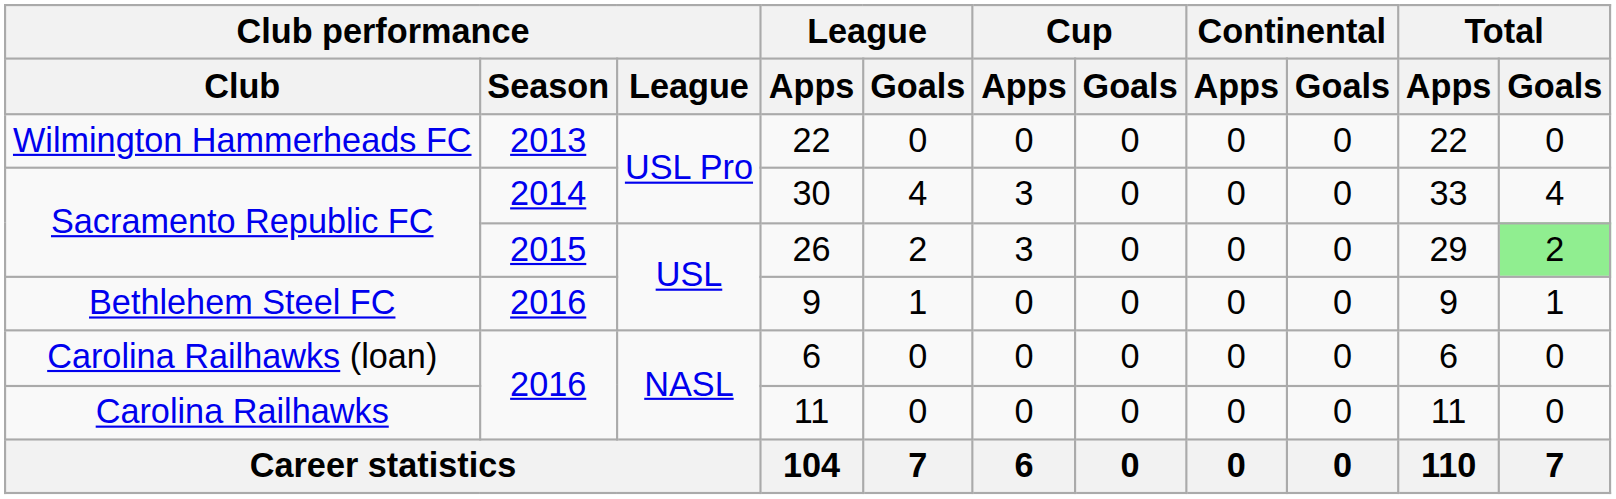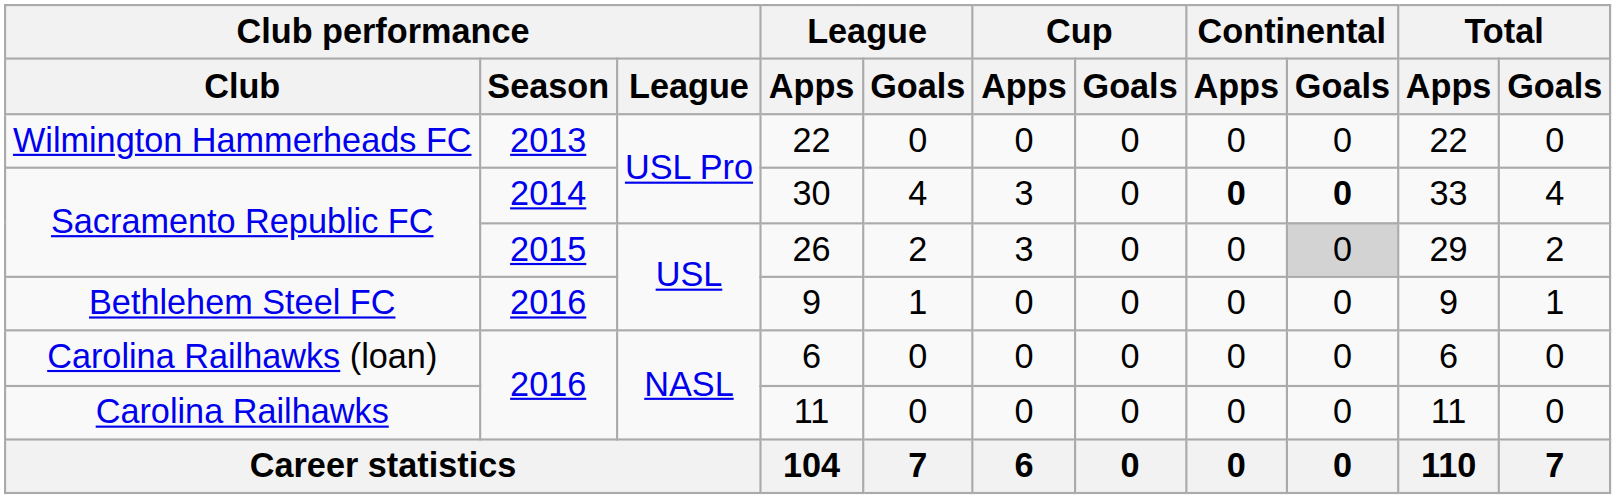 <table class="wikitable" style="font-size:100%; text-align: center">
 <tr>
 <th Colspan="3">Club performance</th>
 <th Colspan="2">League</th>
 <th Colspan="2">Cup</th>
 <th Colspan="2">Continental</th>
 <th Colspan="2">Total</th>
 </tr>
 <tr>
 <th>Club</th>
 <th>Season</th>
 <th>League</th>
 <th>Apps</th>
 <th>Goals</th>
 <th>Apps</th>
 <th>Goals</th>
 <th>Apps</th>
 <th>Goals</th>
 <th>Apps</th>
 <th>Goals</th>
 </tr>
 <tr>
 <td rowspan=1><a href='#'>Wilmington Hammerheads FC</a></td>
 <td><a href='#'>2013</a></td>
 <td rowspan=2><a href='#'>USL Pro</a></td>
 <td>22</td>
 <td>0</td>
 <td>0</td>
 <td>0</td>
 <td>0</td>
 <td>0</td>
 <td>22</td>
 <td>0</td>
 </tr>
 <tr>
 <td rowspan=2><a href='#'>Sacramento Republic FC</a></td>
 <td><a href='#'>2014</a></td>
 <td>30</td>
 <td>4</td>
 <td>3</td>
 <td>0</td>
-<td>0</td>
-<td>0</td>
+<td><strong>0</strong></td>
+<td><strong>0</strong></td>
 <td>33</td>
 <td>4</td>
 </tr>
 <tr>
 <td rowspan=1><a href='#'>2015</a></td>
 <td rowspan=2><a href='#'>USL</a></td>
 <td>26</td>
 <td>2</td>
 <td>3</td>
 <td>0</td>
 <td>0</td>
-<td>0</td>
+<td style="background: lightgrey;">0</td>
 <td>29</td>
-<td style="background: lightgreen;">2</td>
+<td>2</td>
 </tr>
 <tr>
 <td rowspan=1><a href='#'>Bethlehem Steel FC</a></td>
 <td rowspan=1><a href='#'>2016</a></td>
 <td>9</td>
 <td>1</td>
 <td>0</td>
 <td>0</td>
 <td>0</td>
 <td>0</td>
 <td>9</td>
 <td>1</td>
 </tr>
 <tr>
 <td rowspan=1><a href='#'>Carolina Railhawks</a> (loan)</td>
 <td rowspan=2><a href='#'>2016</a></td>
 <td rowspan=2><a href='#'>NASL</a></td>
 <td>6</td>
 <td>0</td>
 <td>0</td>
 <td>0</td>
 <td>0</td>
 <td>0</td>
 <td>6</td>
 <td>0</td>
 </tr>
 <tr>
 <td rowspan=1><a href='#'>Carolina Railhawks</a></td>
 <td>11</td>
 <td>0</td>
 <td>0</td>
 <td>0</td>
 <td>0</td>
 <td>0</td>
 <td>11</td>
 <td>0</td>
 </tr>
 <tr>
 <th colspan="3">Career statistics</th>
 <th>104</th>
 <th>7</th>
 <th>6</th>
 <th>0</th>
 <th>0</th>
 <th>0</th>
 <th>110</th>
 <th>7</th>
 </tr>
 </table>
